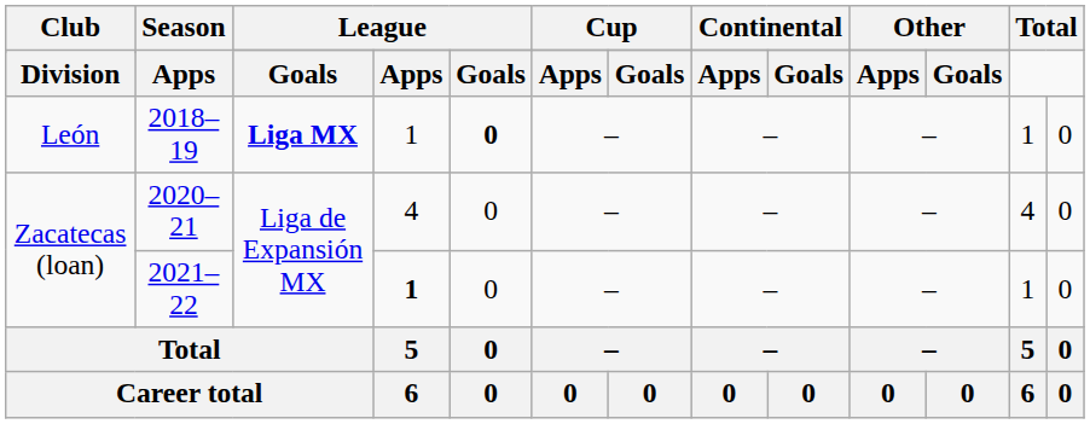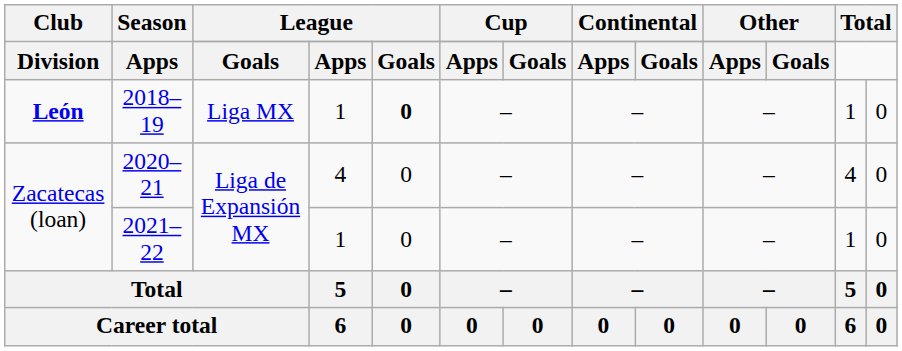 <table class=wikitable style=text-align:center>
 <tr>
 <th rowspan=2>Club</th>
 <th rowspan=2>Season</th>
 <th colspan=3>League</th>
 <th colspan=2>Cup</th>
 <th colspan=2>Continental</th>
 <th colspan=2>Other</th>
 <th colspan=2>Total</th>
 </tr>
 <tr>
 </tr>
 <tr>
 <th>Division</th>
 <th>Apps</th>
 <th>Goals</th>
 <th>Apps</th>
 <th>Goals</th>
 <th>Apps</th>
 <th>Goals</th>
 <th>Apps</th>
 <th>Goals</th>
 <th>Apps</th>
 <th>Goals</th>
 </tr>
 <tr>
-<td rowspan="1"><a href='#'>León</a></td>
+<td rowspan="1"><strong><a href='#'>León</a></strong></td>
 <td><a href='#'>2018–19</a></td>
-<td rowspan="1"><strong><a href='#'>Liga MX</a></strong></td>
+<td rowspan="1"><a href='#'>Liga MX</a></td>
 <td>1</td>
 <td><strong>0</strong></td>
 <td colspan="2">–</td>
 <td colspan="2">–</td>
 <td colspan="2">–</td>
 <td>1</td>
 <td>0</td>
 </tr>
 <tr>
 <td rowspan="2"><a href='#'>Zacatecas</a> (loan)</td>
 <td><a href='#'>2020–21</a></td>
 <td rowspan="2"><a href='#'>Liga de Expansión MX</a></td>
 <td>4</td>
 <td>0</td>
 <td colspan="2">–</td>
 <td colspan="2">–</td>
 <td colspan="2">–</td>
 <td>4</td>
 <td>0</td>
 </tr>
 <tr>
 <td><a href='#'>2021–22</a></td>
-<td><strong>1</strong></td>
+<td>1</td>
 <td>0</td>
 <td colspan="2">–</td>
 <td colspan="2">–</td>
 <td colspan="2">–</td>
 <td>1</td>
 <td>0</td>
 </tr>
 <tr>
 <th colspan="3">Total</th>
 <th>5</th>
 <th>0</th>
 <th colspan="2">–</th>
 <th colspan="2">–</th>
 <th colspan="2">–</th>
 <th>5</th>
 <th>0</th>
 </tr>
 <tr>
 <th colspan=3>Career total</th>
 <th>6</th>
 <th>0</th>
 <th>0</th>
 <th>0</th>
 <th>0</th>
 <th>0</th>
 <th>0</th>
 <th>0</th>
 <th>6</th>
 <th>0</th>
 </tr>
 </table>
